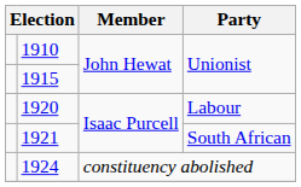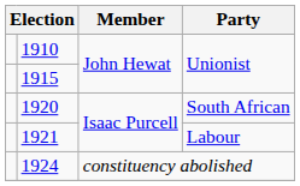 <table class="wikitable">
 <tr>
 <th colspan="2">Election</th>
 <th>Member</th>
 <th>Party</th>
 </tr>
 <tr>
 <td style="background-color: "></td>
 <td><a href='#'>1910</a></td>
 <td rowspan="2"><a href='#'>John Hewat</a></td>
 <td rowspan="2"><a href='#'>Unionist</a></td>
 </tr>
 <tr>
 <td style="background-color: "></td>
 <td><a href='#'>1915</a></td>
 </tr>
 <tr>
 <td style="background-color: "></td>
 <td><a href='#'>1920</a></td>
 <td rowspan="2"><a href='#'>Isaac Purcell</a></td>
-<td><a href='#'>Labour</a></td>
+<td><a href='#'>South African</a></td>
 </tr>
 <tr>
 <td style="background-color: "></td>
 <td><a href='#'>1921</a></td>
-<td><a href='#'>South African</a></td>
+<td><a href='#'>Labour</a></td>
 </tr>
 <tr>
 <td style="background-color: "></td>
 <td><a href='#'>1924</a></td>
 <td colspan="2"><em>constituency abolished</em></td>
 </tr>
 <tr>
 </tr>
 </table>
